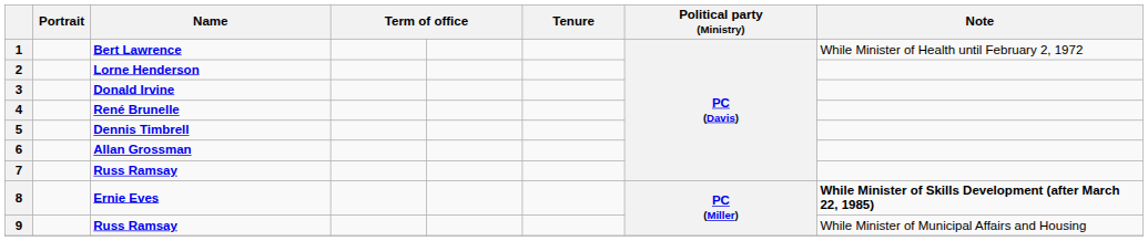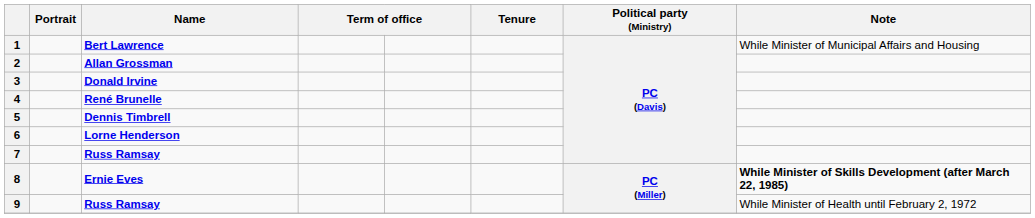 <table class="wikitable" style="width: 90%">
 <tr>
 <th></th>
 <th style="width: 65px;">Portrait</th>
 <th>Name</th>
 <th colspan=2>Term of office</th>
 <th>Tenure</th>
 <th>Political party<br><small>(Ministry)</small></th>
 <th style="width: 400px;">Note</th>
 </tr>
 <tr>
 <th style="background:">1</th>
 <td></td>
 <td><strong><a href='#'>Bert Lawrence</a></strong></td>
 <td></td>
 <td></td>
 <td></td>
 <th rowspan=7; style="background:"><a href='#'>PC</a><br><small>(<a href='#'>Davis</a>)</small></th>
-<td>While Minister of Health until February 2, 1972</td>
+<td>While Minister of Municipal Affairs and Housing</td>
 </tr>
 <tr>
 <th style="background:">2</th>
 <td></td>
-<td><strong><a href='#'>Lorne Henderson</a></strong></td>
+<td><strong><a href='#'>Allan Grossman</a></strong></td>
 <td></td>
 <td></td>
 <td></td>
 <td></td>
 </tr>
 <tr>
 <th style="background:">3</th>
 <td></td>
 <td><strong><a href='#'>Donald Irvine</a></strong></td>
 <td></td>
 <td></td>
 <td></td>
 <td></td>
 </tr>
 <tr>
 <th style="background:">4</th>
 <td></td>
 <td><strong><a href='#'>René Brunelle</a></strong></td>
 <td></td>
 <td></td>
 <td></td>
 <td></td>
 </tr>
 <tr>
 <th style="background:">5</th>
 <td></td>
 <td><strong><a href='#'>Dennis Timbrell</a></strong></td>
 <td></td>
 <td></td>
 <td></td>
 <td></td>
 </tr>
 <tr>
 <th style="background:">6</th>
 <td></td>
-<td><strong><a href='#'>Allan Grossman</a></strong></td>
+<td><strong><a href='#'>Lorne Henderson</a></strong></td>
 <td></td>
 <td></td>
 <td></td>
 <td></td>
 </tr>
 <tr>
 <th style="background:">7</th>
 <td></td>
 <td><strong><a href='#'>Russ Ramsay</a></strong></td>
 <td></td>
 <td></td>
 <td></td>
 <td></td>
 </tr>
 <tr>
 <th style="background:">8</th>
 <td></td>
 <td><strong><a href='#'>Ernie Eves</a></strong></td>
 <td></td>
 <td></td>
 <td></td>
 <th rowspan=2; style="background:"><a href='#'>PC</a><br><small>(<a href='#'>Miller</a>)</small></th>
 <td><strong>While Minister of Skills Development (after March 22, 1985)</strong></td>
 </tr>
 <tr>
 <th style="background:">9</th>
 <td></td>
 <td><strong><a href='#'>Russ Ramsay</a></strong></td>
 <td></td>
 <td></td>
 <td></td>
-<td>While Minister of Municipal Affairs and Housing</td>
+<td>While Minister of Health until February 2, 1972</td>
 </tr>
 <tr>
 </tr>
 </table>
